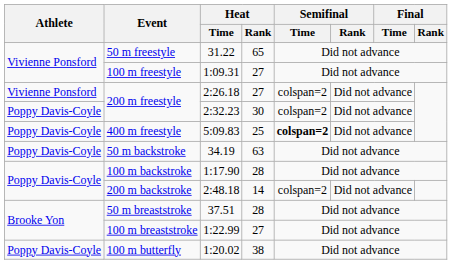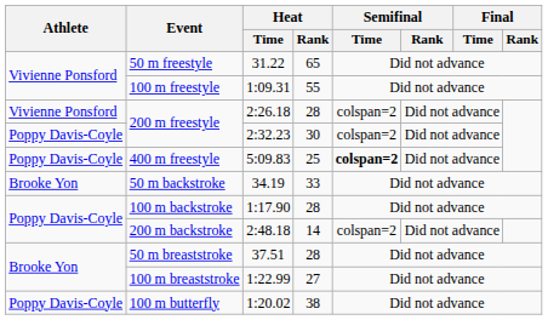 <table class=wikitable style=font-size:90%>
 <tr>
 <th rowspan=2>Athlete</th>
 <th rowspan=2>Event</th>
 <th colspan=2>Heat</th>
 <th colspan=2>Semifinal</th>
 <th colspan=2>Final</th>
 </tr>
 <tr style=font-size:95%>
 <th>Time</th>
 <th>Rank</th>
 <th>Time</th>
 <th>Rank</th>
 <th>Time</th>
 <th>Rank</th>
 </tr>
 <tr align=center>
 <td align=left rowspan=2><a href='#'>Vivienne Ponsford</a></td>
 <td align=left rowspan="1"><a href='#'>50 m freestyle</a></td>
 <td>31.22</td>
 <td>65</td>
 <td colspan=4>Did not advance</td>
 </tr>
 <tr align=center>
 <td align=left rowspan="1"><a href='#'>100 m freestyle</a></td>
 <td>1:09.31</td>
-<td>27</td>
+<td>55</td>
 <td colspan=4>Did not advance</td>
 </tr>
 <tr align=center>
 <td align=left><a href='#'>Vivienne Ponsford</a></td>
 <td align=left rowspan="2"><a href='#'>200 m freestyle</a></td>
 <td>2:26.18</td>
-<td>27</td>
+<td>28</td>
 <td>colspan=2 </td>
 <td colspan=2>Did not advance</td>
 </tr>
 <tr align=center>
 <td align=left><a href='#'>Poppy Davis-Coyle</a></td>
 <td>2:32.23</td>
 <td>30</td>
 <td>colspan=2 </td>
 <td colspan=2>Did not advance</td>
 </tr>
 <tr align=center>
 <td align=left><a href='#'>Poppy Davis-Coyle</a></td>
 <td align=left rowspan="1"><a href='#'>400 m freestyle</a></td>
 <td>5:09.83</td>
 <td>25</td>
 <td><strong>colspan=2 </strong></td>
 <td colspan=2>Did not advance</td>
 </tr>
 <tr align=center>
-<td align=left><a href='#'>Poppy Davis-Coyle</a></td>
+<td align=left><a href='#'>Brooke Yon</a></td>
 <td align=left rowspan="1"><a href='#'>50 m backstroke</a></td>
 <td>34.19</td>
-<td>63</td>
+<td>33</td>
 <td colspan=4>Did not advance</td>
 </tr>
 <tr align=center>
 <td align=left rowspan=2><a href='#'>Poppy Davis-Coyle</a></td>
 <td align=left rowspan="1"><a href='#'>100 m backstroke</a></td>
 <td>1:17.90</td>
 <td>28</td>
 <td colspan=4>Did not advance</td>
 </tr>
 <tr align=center>
 <td align=left rowspan="1"><a href='#'>200 m backstroke</a></td>
 <td>2:48.18</td>
 <td>14</td>
 <td>colspan=2 </td>
 <td colspan=2>Did not advance</td>
 </tr>
 <tr align=center>
 <td align=left rowspan=2><a href='#'>Brooke Yon</a></td>
 <td align=left rowspan="1"><a href='#'>50 m breaststroke</a></td>
 <td>37.51</td>
 <td>28</td>
 <td colspan=4>Did not advance</td>
 </tr>
 <tr align=center>
 <td align=left rowspan="1"><a href='#'>100 m breaststroke</a></td>
 <td>1:22.99</td>
 <td>27</td>
 <td colspan=4>Did not advance</td>
 </tr>
 <tr align=center>
 <td align=left><a href='#'>Poppy Davis-Coyle</a></td>
 <td align=left rowspan="1"><a href='#'>100 m butterfly</a></td>
 <td>1:20.02</td>
 <td>38</td>
 <td colspan=4>Did not advance</td>
 </tr>
 </table>
